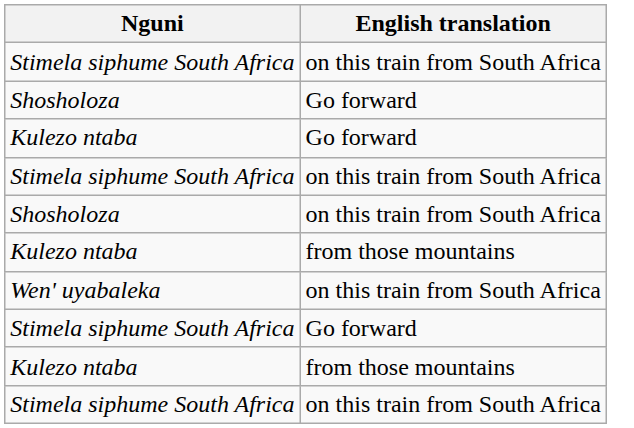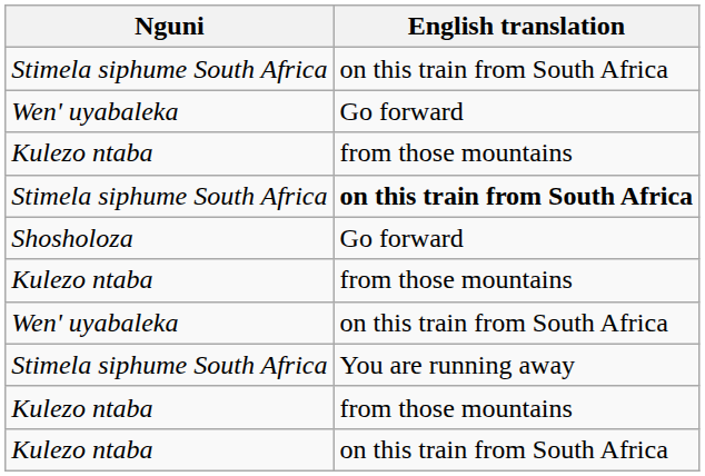 <table class="wikitable">
 <tr>
 <th>Nguni</th>
 <th>English translation</th>
 </tr>
 <tr>
 <td><em>Stimela siphume South Africa</em></td>
 <td>on this train from South Africa</td>
 </tr>
 <tr>
-<td><em>Shosholoza</em></td>
+<td><em>Wen' uyabaleka</em></td>
 <td>Go forward</td>
 </tr>
 <tr>
 <td><em>Kulezo ntaba</em></td>
-<td>Go forward</td>
+<td>from those mountains</td>
 </tr>
 <tr>
 <td><em>Stimela siphume South Africa</em></td>
-<td>on this train from South Africa</td>
+<td><strong>on this train from South Africa</strong></td>
 </tr>
 <tr>
 <td><em>Shosholoza</em></td>
-<td>on this train from South Africa</td>
+<td>Go forward</td>
 </tr>
 <tr>
 <td><em>Kulezo ntaba</em></td>
 <td>from those mountains</td>
 </tr>
 <tr>
 <td><em>Wen' uyabaleka</em></td>
 <td>on this train from South Africa</td>
 </tr>
 <tr>
 <td><em>Stimela siphume South Africa</em></td>
-<td>Go forward</td>
+<td>You are running away</td>
 </tr>
 <tr>
 <td><em>Kulezo ntaba</em></td>
 <td>from those mountains</td>
 </tr>
 <tr>
-<td><em>Stimela siphume South Africa</em></td>
+<td><em>Kulezo ntaba</em></td>
 <td>on this train from South Africa</td>
 </tr>
 </table>
